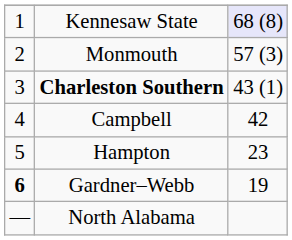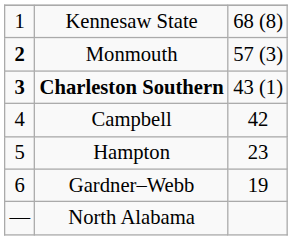 <table class="wikitable" style="display: inline-table;">
 <tr align="center">
 </tr>
 <tr align="center">
 <td>1</td>
 <td>Kennesaw State</td>
-<td style="background: lavender;">68 (8)</td>
+<td>68 (8)</td>
 </tr>
 <tr align="center">
-<td>2</td>
+<td><strong>2</strong></td>
 <td>Monmouth</td>
 <td>57 (3)</td>
 </tr>
 <tr align="center">
-<td>3</td>
+<td><strong>3</strong></td>
 <td><strong>Charleston Southern</strong></td>
 <td>43 (1)</td>
 </tr>
 <tr align="center">
 <td>4</td>
 <td>Campbell</td>
 <td>42</td>
 </tr>
 <tr align="center">
 <td>5</td>
 <td>Hampton</td>
 <td>23</td>
 </tr>
 <tr align="center">
-<td><strong>6</strong></td>
+<td>6</td>
 <td>Gardner–Webb</td>
 <td>19</td>
 </tr>
 <tr align="center">
 <td>—</td>
 <td>North Alabama</td>
 <td></td>
 </tr>
 </table>
